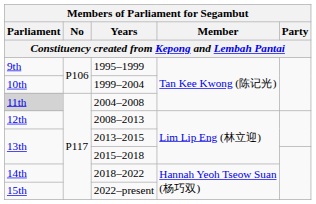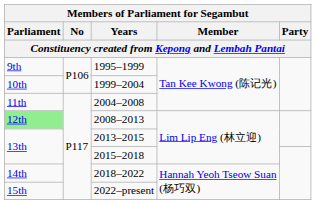 <table class=wikitable>
 <tr>
 <th colspan="5">Members of Parliament for Segambut</th>
 </tr>
 <tr>
 <th>Parliament</th>
 <th>No</th>
 <th>Years</th>
 <th>Member</th>
 <th>Party</th>
 </tr>
 <tr>
 <th colspan="5" align="center"><em>Constituency created from <a href='#'>Kepong</a> and <a href='#'>Lembah Pantai</a></em></th>
 </tr>
 <tr>
 <td><a href='#'>9th</a></td>
 <td rowspan="2">P106</td>
 <td>1995–1999</td>
 <td rowspan=3><a href='#'>Tan Kee Kwong</a> (陈记光)</td>
 <td rowspan="3"></td>
 </tr>
 <tr>
 <td><a href='#'>10th</a></td>
 <td>1999–2004</td>
 </tr>
 <tr>
-<td style="background: lightgrey;"><a href='#'>11th</a></td>
+<td><a href='#'>11th</a></td>
 <td rowspan=6>P117</td>
 <td>2004–2008</td>
 </tr>
 <tr>
-<td><a href='#'>12th</a></td>
+<td style="background: lightgreen;"><a href='#'>12th</a></td>
 <td>2008–2013</td>
 <td rowspan=3><a href='#'>Lim Lip Eng</a>   (林立迎)</td>
 <td rowspan="2"></td>
 </tr>
 <tr>
 <td rowspan=2><a href='#'>13th</a></td>
 <td>2013–2015</td>
 </tr>
 <tr>
 <td>2015–2018</td>
 <td rowspan=3></td>
 </tr>
 <tr>
 <td><a href='#'>14th</a></td>
 <td>2018–2022</td>
 <td rowspan="2"><a href='#'>Hannah Yeoh Tseow Suan</a>  <br>(杨巧双)</td>
 </tr>
 <tr>
 <td><a href='#'>15th</a></td>
 <td>2022–present</td>
 </tr>
 </table>
